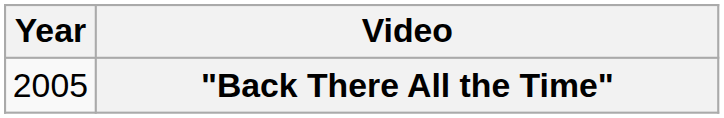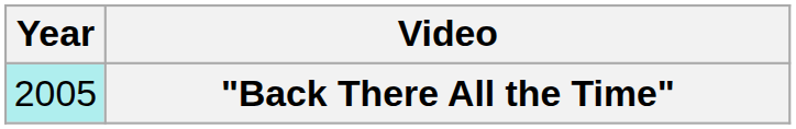 <table class="wikitable plainrowheaders">
 <tr>
 <th>Year</th>
 <th style="width:18em;">Video</th>
 </tr>
 <tr>
-<td>2005</td>
+<td style="background: paleturquoise;">2005</td>
 <th scope="row">"Back There All the Time"</th>
 </tr>
 </table>
